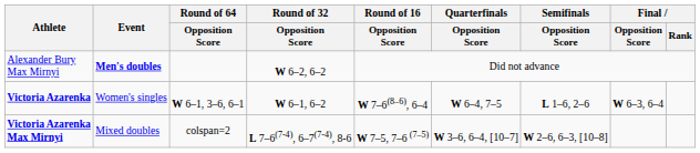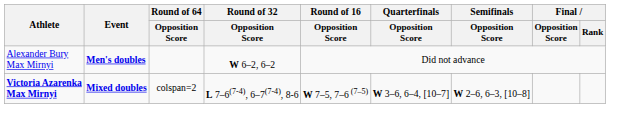 <table class=wikitable style="font-size:90%">
 <tr>
 <th rowspan="2">Athlete</th>
 <th rowspan="2">Event</th>
 <th>Round of 64</th>
 <th>Round of 32</th>
 <th>Round of 16</th>
 <th>Quarterfinals</th>
 <th>Semifinals</th>
 <th colspan=2>Final / </th>
 </tr>
 <tr style="font-size:95%">
 <th>Opposition<br>Score</th>
 <th>Opposition<br>Score</th>
 <th>Opposition<br>Score</th>
 <th>Opposition<br>Score</th>
 <th>Opposition<br>Score</th>
 <th>Opposition<br>Score</th>
 <th>Rank</th>
 </tr>
 <tr align=center>
 <td align=left><a href='#'>Alexander Bury</a><br><a href='#'>Max Mirnyi</a></td>
 <td align=left><strong><a href='#'>Men's doubles</a></strong></td>
 <td></td>
 <td><br><strong>W</strong> 6–2, 6–2</td>
 <td colspan=5>Did not advance</td>
 </tr>
 <tr align=center>
-<td align=left><strong><a href='#'>Victoria Azarenka</a></strong></td>
-<td align=left><a href='#'>Women's singles</a></td>
-<td><br><strong>W</strong> 6–1, 3–6, 6–1</td>
-<td><br><strong>W</strong> 6–1, 6–2</td>
-<td><br><strong>W</strong> 7–6<sup>(8–6)</sup>, 6–4</td>
-<td><br><strong>W</strong> 6–4, 7–5</td>
-<td><br><strong>L</strong> 1–6, 2–6</td>
-<td><br><strong>W</strong> 6–3, 6–4</td>
-<td></td>
-</tr>
-<tr align=center>
 <td align=left><strong><a href='#'>Victoria Azarenka</a><br><a href='#'>Max Mirnyi</a></strong></td>
-<td align=left><a href='#'>Mixed doubles</a></td>
+<td align=left><strong><a href='#'>Mixed doubles</a></strong></td>
 <td>colspan=2 </td>
 <td><br> <strong>L</strong> 7–6<sup>(7-4)</sup>, 6–7<sup>(7-4)</sup>, 8-6</td>
 <td><br> <strong>W</strong> 7–5, 7–6<sup> (7–5)</sup></td>
 <td> <br> <strong>W</strong> 3–6, 6–4, [10–7]</td>
 <td> <br><strong>W</strong> 2–6, 6–3, [10–8]</td>
 <td></td>
 </tr>
 </table>
